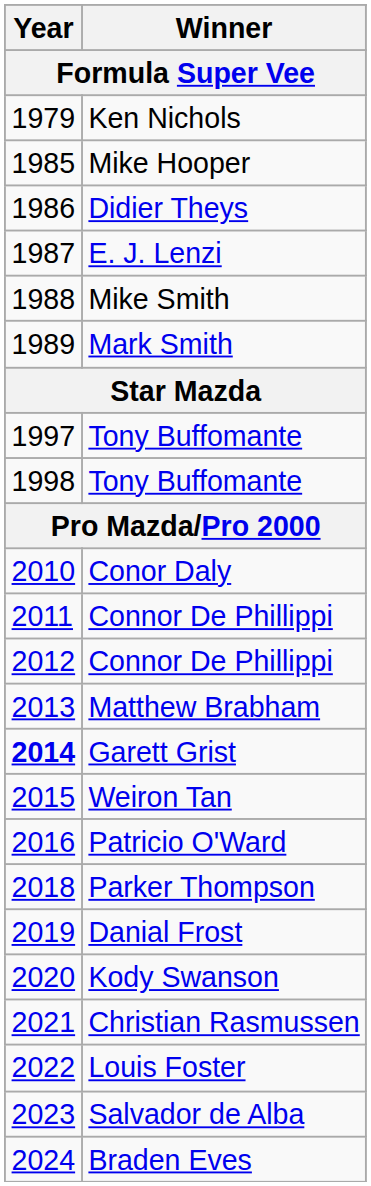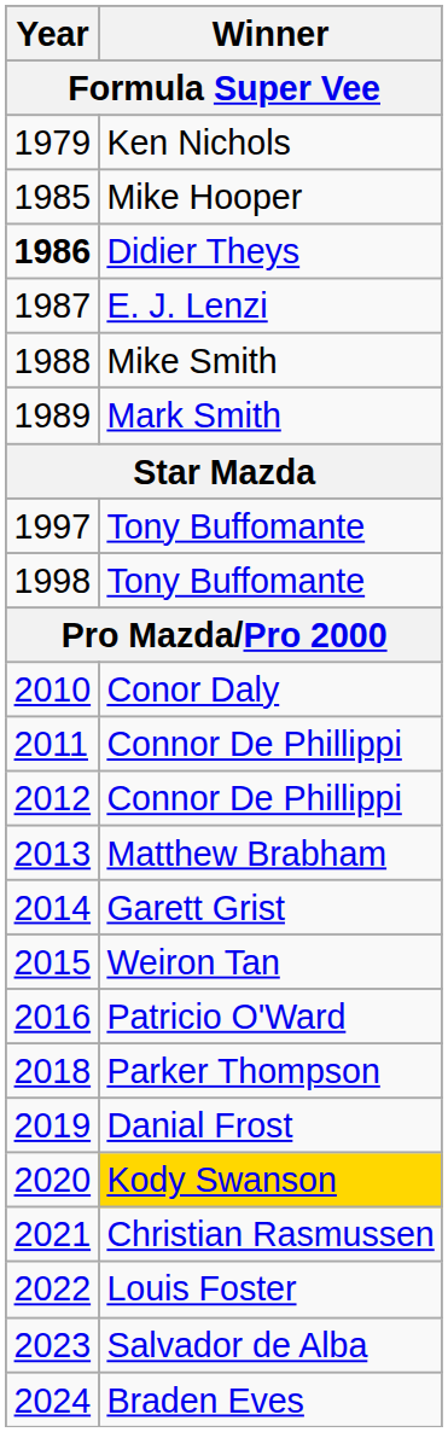 <table class="wikitable" style="font-size: 95%;">
 <tr>
 <th>Year</th>
 <th>Winner</th>
 </tr>
 <tr>
 <th colspan=2>Formula <a href='#'>Super Vee</a></th>
 </tr>
 <tr>
 <td>1979</td>
 <td>Ken Nichols</td>
 </tr>
 <tr>
 <td>1985</td>
 <td>Mike Hooper</td>
 </tr>
 <tr>
-<td>1986</td>
+<td><strong>1986</strong></td>
 <td><a href='#'>Didier Theys</a></td>
 </tr>
 <tr>
 <td>1987</td>
 <td><a href='#'>E. J. Lenzi</a></td>
 </tr>
 <tr>
 <td>1988</td>
 <td>Mike Smith</td>
 </tr>
 <tr>
 <td>1989</td>
 <td><a href='#'>Mark Smith</a></td>
 </tr>
 <tr>
 <th colspan=2>Star Mazda</th>
 </tr>
 <tr>
 <td>1997</td>
 <td><a href='#'>Tony Buffomante</a></td>
 </tr>
 <tr>
 <td>1998</td>
 <td><a href='#'>Tony Buffomante</a></td>
 </tr>
 <tr>
 <th colspan=2>Pro Mazda/<a href='#'>Pro 2000</a></th>
 </tr>
 <tr>
 <td><a href='#'>2010</a></td>
 <td><a href='#'>Conor Daly</a></td>
 </tr>
 <tr>
 <td><a href='#'>2011</a></td>
 <td><a href='#'>Connor De Phillippi</a></td>
 </tr>
 <tr>
 <td><a href='#'>2012</a></td>
 <td><a href='#'>Connor De Phillippi</a></td>
 </tr>
 <tr>
 <td><a href='#'>2013</a></td>
 <td><a href='#'>Matthew Brabham</a></td>
 </tr>
 <tr>
-<td><strong><a href='#'>2014</a></strong></td>
+<td><a href='#'>2014</a></td>
 <td><a href='#'>Garett Grist</a></td>
 </tr>
 <tr>
 <td><a href='#'>2015</a></td>
 <td><a href='#'>Weiron Tan</a></td>
 </tr>
 <tr>
 <td><a href='#'>2016</a></td>
 <td><a href='#'>Patricio O'Ward</a></td>
 </tr>
 <tr>
 <td><a href='#'>2018</a></td>
 <td><a href='#'>Parker Thompson</a></td>
 </tr>
 <tr>
 <td><a href='#'>2019</a></td>
 <td><a href='#'>Danial Frost</a></td>
 </tr>
 <tr>
 <td><a href='#'>2020</a></td>
-<td><a href='#'>Kody Swanson</a></td>
+<td style="background: gold;"><a href='#'>Kody Swanson</a></td>
 </tr>
 <tr>
 <td><a href='#'>2021</a></td>
 <td><a href='#'>Christian Rasmussen</a></td>
 </tr>
 <tr>
 <td><a href='#'>2022</a></td>
 <td><a href='#'>Louis Foster</a></td>
 </tr>
 <tr>
 <td><a href='#'>2023</a></td>
 <td><a href='#'>Salvador de Alba</a></td>
 </tr>
 <tr>
 <td><a href='#'>2024</a></td>
 <td><a href='#'>Braden Eves</a></td>
 </tr>
 </table>
